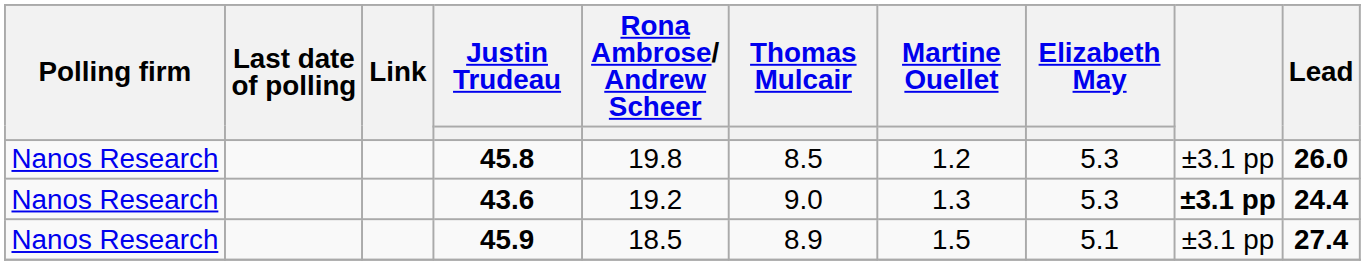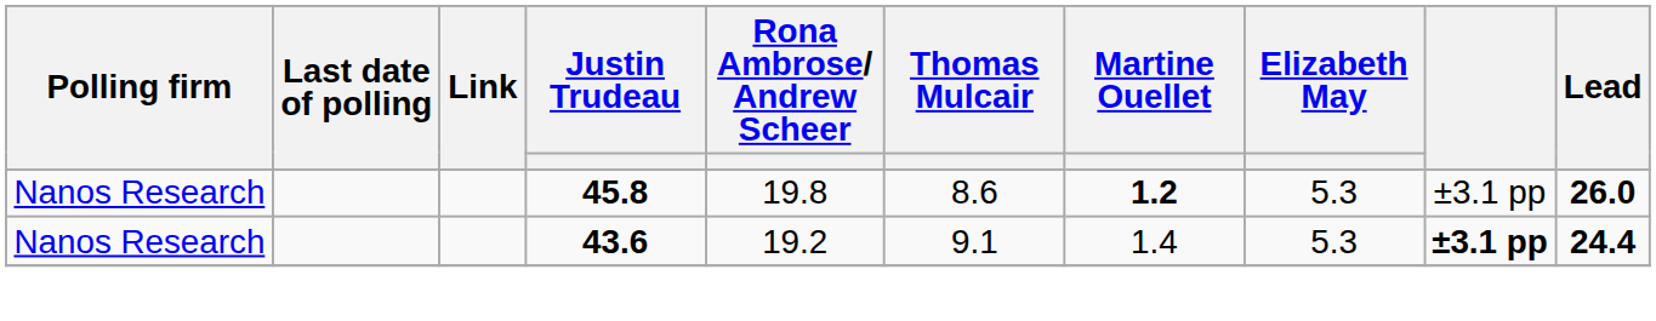 <table class="wikitable sortable mw-datatable" style="text-align:center;font-size:90%;line-height:14px;">
 <tr>
 <th rowspan="2">Polling firm</th>
 <th rowspan="2">Last date<br>of polling</th>
 <th rowspan="2">Link</th>
 <th class="unsortable" style="width:70px;"><a href='#'>Justin Trudeau</a></th>
 <th class="unsortable" style="width:70px;"><a href='#'>Rona Ambrose</a>/<br><a href='#'>Andrew Scheer</a></th>
 <th class="unsortable" style="width:70px;"><a href='#'>Thomas Mulcair</a></th>
 <th class="unsortable" style="width:70px;"><a href='#'>Martine Ouellet</a></th>
 <th class="unsortable" style="width:70px;"><a href='#'>Elizabeth May</a></th>
 <th rowspan="2"></th>
 <th rowspan="2">Lead</th>
 </tr>
 <tr style="background:#e9e9e9;">
 <th style="background-color:"></th>
 <th style="background-color:"></th>
 <th style="background-color:"></th>
 <th style="background-color:"></th>
 <th style="background-color:"></th>
 </tr>
 <tr>
 <td><a href='#'>Nanos Research</a></td>
 <td></td>
 <td></td>
 <td><strong>45.8</strong></td>
 <td>19.8</td>
-<td>8.5</td>
-<td>1.2</td>
+<td>8.6</td>
+<td><strong>1.2</strong></td>
 <td>5.3</td>
 <td>±3.1 pp</td>
 <td><strong>26.0</strong></td>
 </tr>
 <tr>
 <td><a href='#'>Nanos Research</a></td>
 <td></td>
 <td></td>
 <td><strong>43.6</strong></td>
 <td>19.2</td>
-<td>9.0</td>
-<td>1.3</td>
+<td>9.1</td>
+<td>1.4</td>
 <td>5.3</td>
 <td><strong>±3.1 pp</strong></td>
 <td><strong>24.4</strong></td>
 </tr>
 <tr>
-<td><a href='#'>Nanos Research</a></td>
-<td></td>
-<td></td>
-<td><strong>45.9</strong></td>
-<td>18.5</td>
-<td>8.9</td>
-<td>1.5</td>
-<td>5.1</td>
-<td>±3.1 pp</td>
-<td><strong>27.4</strong></td>
-</tr>
-<tr>
 </tr>
 </table>
